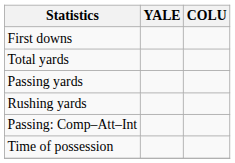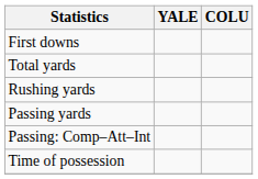 <table class="wikitable" style="float: left;">
 <tr>
 <th>Statistics</th>
 <th>YALE</th>
 <th>COLU</th>
 </tr>
 <tr>
 <td>First downs</td>
 <td></td>
 <td></td>
 </tr>
 <tr>
 <td>Total yards</td>
 <td></td>
 <td></td>
 </tr>
 <tr>
-<td>Passing yards</td>
+<td>Rushing yards</td>
 <td></td>
 <td></td>
 </tr>
 <tr>
-<td>Rushing yards</td>
+<td>Passing yards</td>
 <td></td>
 <td></td>
 </tr>
 <tr>
 <td>Passing: Comp–Att–Int</td>
 <td></td>
 <td></td>
 </tr>
 <tr>
 <td>Time of possession</td>
 <td></td>
 <td></td>
 </tr>
 <tr>
 </tr>
 </table>
